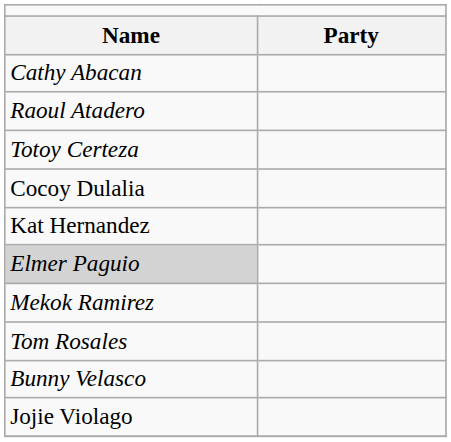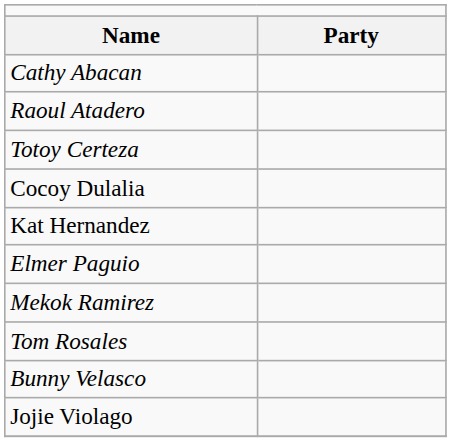 <table class=wikitable style="font-size:90%">
 <tr>
 <td colspan=4 bgcolor=></td>
 </tr>
 <tr>
 <th width=150px>Name</th>
 <th colspan=2 width=110px>Party</th>
 </tr>
 <tr>
 <td><em>Cathy Abacan</em></td>
 <td></td>
 </tr>
 <tr>
 <td><em>Raoul Atadero</em></td>
 <td></td>
 </tr>
 <tr>
 <td><em>Totoy Certeza</em></td>
 <td></td>
 </tr>
 <tr>
 <td>Cocoy Dulalia</td>
 <td></td>
 </tr>
 <tr>
 <td>Kat Hernandez</td>
 <td></td>
 </tr>
 <tr>
-<td style="background: lightgrey;"><em>Elmer Paguio</em></td>
+<td><em>Elmer Paguio</em></td>
 <td></td>
 </tr>
 <tr>
 <td><em>Mekok Ramirez</em></td>
 <td></td>
 </tr>
 <tr>
 <td><em>Tom Rosales</em></td>
 <td></td>
 </tr>
 <tr>
 <td><em>Bunny Velasco</em></td>
 <td></td>
 </tr>
 <tr>
 <td>Jojie Violago</td>
 <td></td>
 </tr>
 <tr>
 </tr>
 </table>
